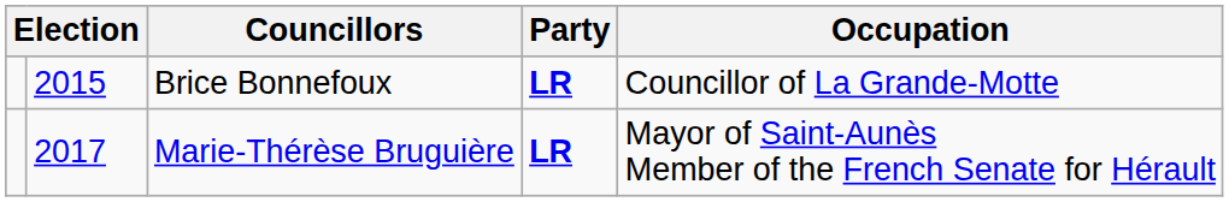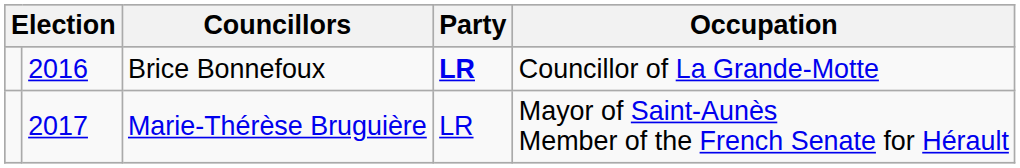 <table class="wikitable">
 <tr>
 <th colspan="2">Election</th>
 <th>Councillors</th>
 <th>Party</th>
 <th>Occupation</th>
 </tr>
 <tr>
 <td style="background-color: "></td>
-<td><a href='#'>2015</a></td>
+<td><a href='#'>2016</a></td>
 <td>Brice Bonnefoux</td>
 <td><strong><a href='#'>LR</a></strong></td>
 <td>Councillor of <a href='#'>La Grande-Motte</a></td>
 </tr>
 <tr>
 <td style="background-color: "></td>
 <td><a href='#'>2017</a></td>
 <td><a href='#'>Marie-Thérèse Bruguière</a></td>
-<td><strong><a href='#'>LR</a></strong></td>
+<td><a href='#'>LR</a></td>
 <td>Mayor of <a href='#'>Saint-Aunès</a><br>Member of the <a href='#'>French Senate</a> for <a href='#'>Hérault</a></td>
 </tr>
 </table>
